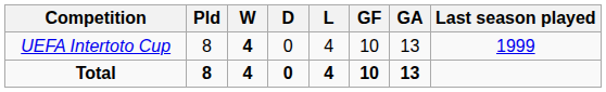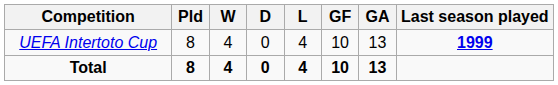 <table class="wikitable" style="text-align: center;">
 <tr>
 <th width="160">Competition</th>
 <th width="30">Pld</th>
 <th width="30">W</th>
 <th width="30">D</th>
 <th width="30">L</th>
 <th width="30">GF</th>
 <th width="30">GA</th>
 <th width="150">Last season played</th>
 </tr>
 <tr>
 <td><em><a href='#'>UEFA Intertoto Cup</a></em></td>
 <td>8</td>
-<td><strong>4</strong></td>
+<td>4</td>
 <td>0</td>
 <td>4</td>
 <td>10</td>
 <td>13</td>
-<td><a href='#'>1999</a></td>
+<td><strong><a href='#'>1999</a></strong></td>
 </tr>
 <tr>
 <td><strong>Total</strong></td>
 <td><strong>8</strong></td>
 <td><strong>4</strong></td>
 <td><strong>0</strong></td>
 <td><strong>4</strong></td>
 <td><strong>10</strong></td>
 <td><strong>13</strong></td>
 </tr>
 </table>
